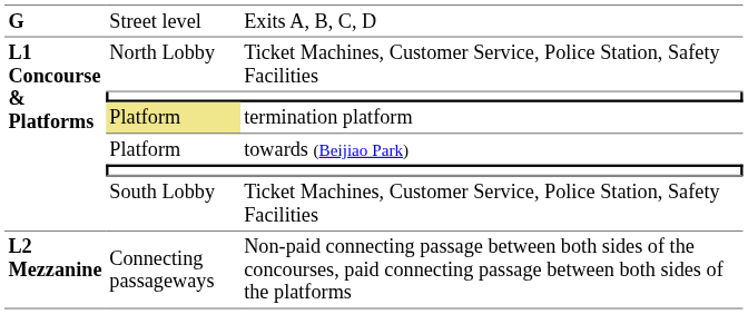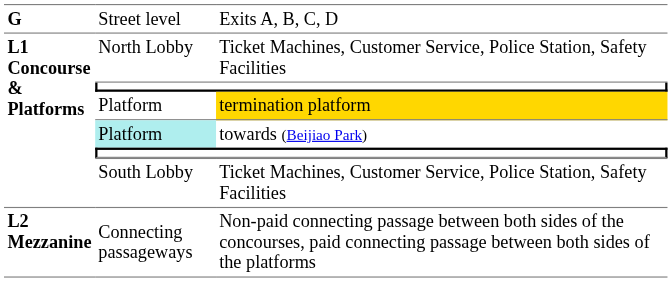 <table table border=0 cellspacing=0 cellpadding=3>
 <tr>
 <td style="border-top:solid 1px gray;" width=50 valign=top><strong>G</strong></td>
 <td style="border-top:solid 1px gray;" width=100 valign=top>Street level</td>
 <td style="border-top:solid 1px gray;" width=390 valign=top>Exits A, B, C, D</td>
 </tr>
 <tr>
 <td style="border-bottom:solid 1px gray; border-top:solid 1px gray;" valign=top rowspan=6><strong>L1<br>Concourse & Platforms</strong></td>
 <td style="border-bottom:solid 1px gray; border-top:solid 1px gray;" valign=top>North Lobby</td>
 <td style="border-bottom:solid 1px gray; border-top:solid 1px gray;" valign=top>Ticket Machines, Customer Service, Police Station, Safety Facilities</td>
 </tr>
 <tr>
 <td style="border-right:solid 2px black;border-left:solid 2px black;border-bottom:solid 2px black;text-align:center;" colspan=2></td>
 </tr>
 <tr>
-<td style="background: khaki; border-bottom:solid 1px gray;" width=100>Platform </td>
-<td style="border-bottom:solid 1px gray;" width=390>  termination platform</td>
+<td style="border-bottom:solid 1px gray;" width=100>Platform </td>
+<td style="background: gold; border-bottom:solid 1px gray;" width=390>  termination platform</td>
 </tr>
 <tr>
-<td>Platform </td>
+<td style="background: paleturquoise;">Platform </td>
 <td>  towards  <small>(<a href='#'>Beijiao Park</a>)</small> </td>
 </tr>
 <tr>
 <td style="border-top:solid 2px black;border-right:solid 2px black;border-left:solid 2px black;border-bottom:solid 1px gray;text-align:center;" colspan=2></td>
 </tr>
 <tr>
 <td style="border-bottom:solid 1px gray; border-top:solid 1px gray;" valign=top width=100>South Lobby</td>
 <td style="border-bottom:solid 1px gray; border-top:solid 1px gray;" valign=top width=390>Ticket Machines, Customer Service, Police Station, Safety Facilities</td>
 </tr>
 <tr>
 <td style="border-bottom:solid 1px gray;" rowspan=3 valign=top><strong>L2<br>Mezzanine</strong></td>
 <td style="border-bottom:solid 1px gray;">Connecting passageways</td>
 <td style="border-bottom:solid 1px gray;">Non-paid connecting passage between both sides of the concourses, paid connecting passage between both sides of the platforms</td>
 </tr>
 </table>
